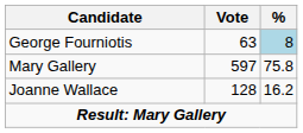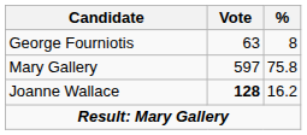 <table class="wikitable">
 <tr>
 <th bgcolor="#DDDDFF" width="200px">Candidate</th>
 <th bgcolor="#DDDDFF" width="50px">Vote</th>
 <th bgcolor="#DDDDFF"  width="30px">%</th>
 </tr>
 <tr>
 <td>George Fourniotis</td>
 <td align="right">63</td>
-<td align="right" style="background: lightblue;">8</td>
+<td align="right">8</td>
 </tr>
 <tr>
 <td>Mary Gallery</td>
 <td align="right">597</td>
 <td align="right">75.8</td>
 </tr>
 <tr>
 <td>Joanne Wallace</td>
-<td align="right">128</td>
+<td align="right"><strong>128</strong></td>
 <td align="right">16.2</td>
 </tr>
 <tr>
 <td colspan=5 align="center"><strong><em>Result: Mary Gallery</em></strong></td>
 </tr>
 </table>
